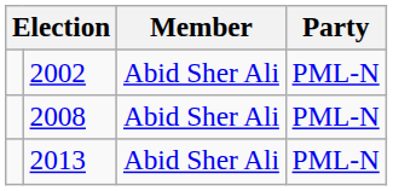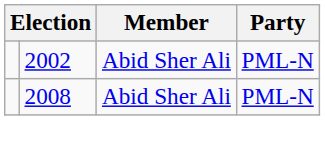 <table class="wikitable">
 <tr>
 <th colspan="2">Election</th>
 <th>Member</th>
 <th>Party</th>
 </tr>
 <tr>
 <td style="background-color: "></td>
 <td><a href='#'>2002</a></td>
 <td><a href='#'>Abid Sher Ali</a></td>
 <td><a href='#'>PML-N</a></td>
 </tr>
 <tr>
 <td style="background-color: "></td>
 <td><a href='#'>2008</a></td>
 <td><a href='#'>Abid Sher Ali</a></td>
 <td><a href='#'>PML-N</a></td>
 </tr>
-<tr>
-<td style="background-color: "></td>
-<td><a href='#'>2013</a></td>
-<td><a href='#'>Abid Sher Ali</a></td>
-<td><a href='#'>PML-N</a></td>
-</tr>
 </table>
